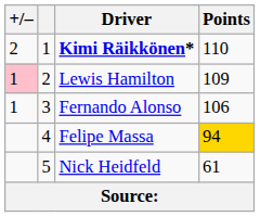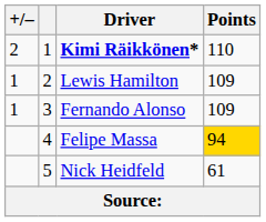 <table class="wikitable" style="font-size: 85%;">
 <tr>
 <th>+/–</th>
 <th></th>
 <th>Driver</th>
 <th>Points</th>
 </tr>
 <tr>
 <td> 2</td>
 <td align="center">1</td>
 <td> <strong><a href='#'>Kimi Räikkönen</a>*</strong></td>
 <td>110</td>
 </tr>
 <tr>
-<td style="background: pink;"> 1</td>
+<td> 1</td>
 <td align="center">2</td>
 <td> <a href='#'>Lewis Hamilton</a></td>
 <td>109</td>
 </tr>
 <tr>
 <td> 1</td>
 <td align="center">3</td>
 <td> <a href='#'>Fernando Alonso</a></td>
-<td>106</td>
+<td>109</td>
 </tr>
 <tr>
 <td></td>
 <td align="center">4</td>
 <td> <a href='#'>Felipe Massa</a></td>
 <td style="background: gold;">94</td>
 </tr>
 <tr>
 <td></td>
 <td align="center">5</td>
 <td> <a href='#'>Nick Heidfeld</a></td>
 <td>61</td>
 </tr>
 <tr>
 <th colspan=4>Source:</th>
 </tr>
 </table>
